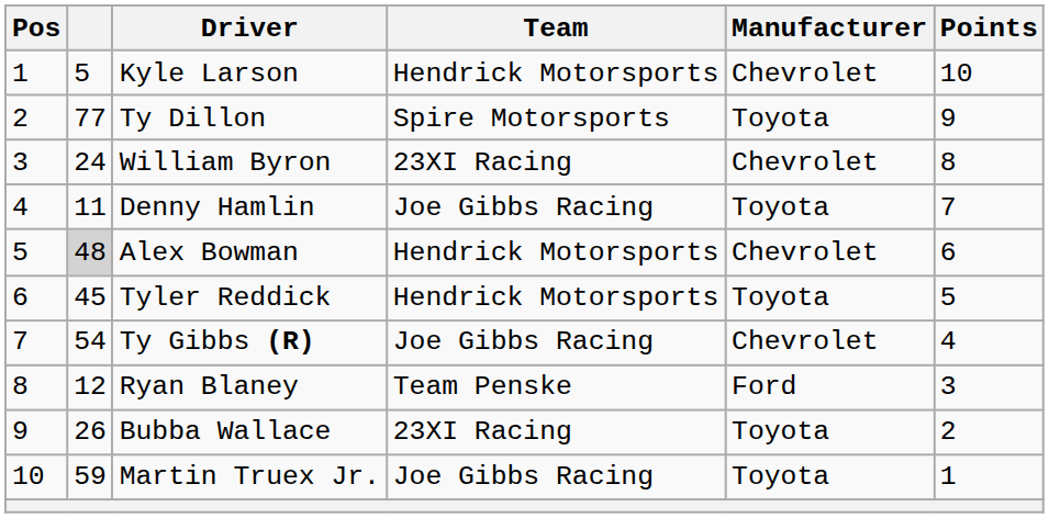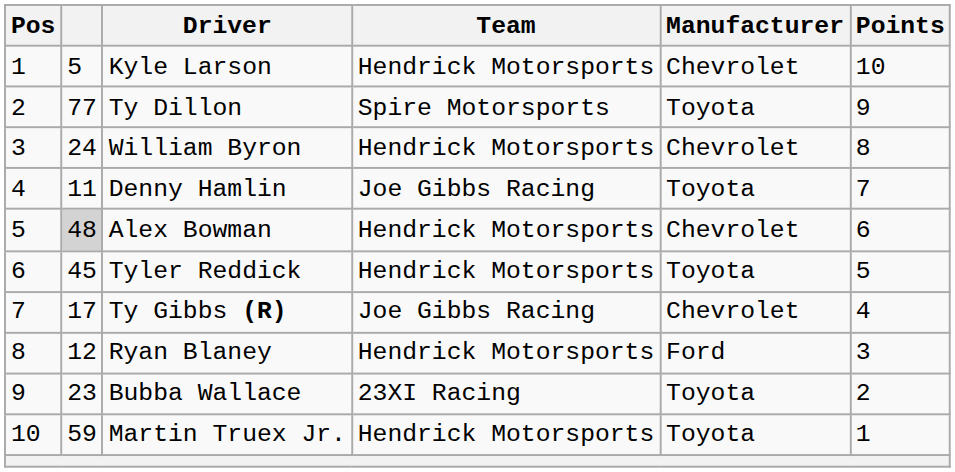 <table class="wikitable" style="font-size:98%">
 <tr>
 <th>Pos</th>
 <th></th>
 <th>Driver</th>
 <th>Team</th>
 <th>Manufacturer</th>
 <th>Points</th>
 </tr>
 <tr>
 <td>1</td>
 <td>5</td>
 <td>Kyle Larson</td>
 <td>Hendrick Motorsports</td>
 <td>Chevrolet</td>
 <td>10</td>
 </tr>
 <tr>
 <td>2</td>
 <td>77</td>
 <td>Ty Dillon</td>
 <td>Spire Motorsports</td>
 <td>Toyota</td>
 <td>9</td>
 </tr>
 <tr>
 <td>3</td>
 <td>24</td>
 <td>William Byron</td>
-<td>23XI Racing</td>
+<td>Hendrick Motorsports</td>
 <td>Chevrolet</td>
 <td>8</td>
 </tr>
 <tr>
 <td>4</td>
 <td>11</td>
 <td>Denny Hamlin</td>
 <td>Joe Gibbs Racing</td>
 <td>Toyota</td>
 <td>7</td>
 </tr>
 <tr>
 <td>5</td>
 <td style="background: lightgrey;">48</td>
 <td>Alex Bowman</td>
 <td>Hendrick Motorsports</td>
 <td>Chevrolet</td>
 <td>6</td>
 </tr>
 <tr>
 <td>6</td>
 <td>45</td>
 <td>Tyler Reddick</td>
 <td>Hendrick Motorsports</td>
 <td>Toyota</td>
 <td>5</td>
 </tr>
 <tr>
 <td>7</td>
-<td>54</td>
+<td>17</td>
 <td>Ty Gibbs <strong>(R)</strong></td>
 <td>Joe Gibbs Racing</td>
 <td>Chevrolet</td>
 <td>4</td>
 </tr>
 <tr>
 <td>8</td>
 <td>12</td>
 <td>Ryan Blaney</td>
-<td>Team Penske</td>
+<td>Hendrick Motorsports</td>
 <td>Ford</td>
 <td>3</td>
 </tr>
 <tr>
 <td>9</td>
-<td>26</td>
+<td>23</td>
 <td>Bubba Wallace</td>
 <td>23XI Racing</td>
 <td>Toyota</td>
 <td>2</td>
 </tr>
 <tr>
 <td>10</td>
 <td>59</td>
 <td>Martin Truex Jr.</td>
-<td>Joe Gibbs Racing</td>
+<td>Hendrick Motorsports</td>
 <td>Toyota</td>
 <td>1</td>
 </tr>
 <tr>
 <th colspan="6"></th>
 </tr>
 </table>
